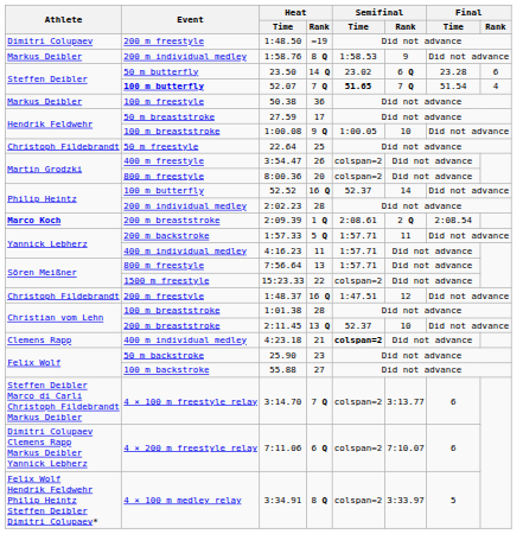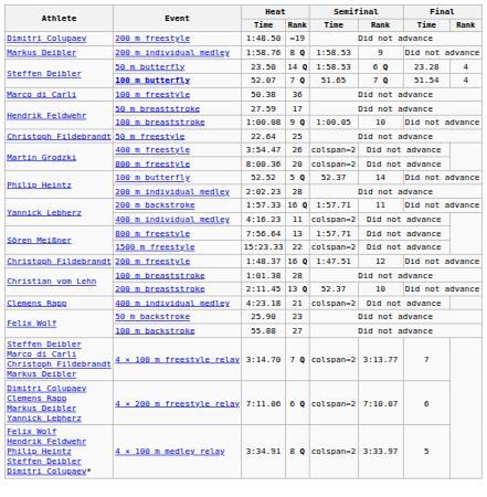 <table class=wikitable style="font-size:90%">
 <tr>
 <th rowspan=2>Athlete</th>
 <th rowspan=2>Event</th>
 <th colspan="2">Heat</th>
 <th colspan="2">Semifinal</th>
 <th colspan="2">Final</th>
 </tr>
 <tr style="font-size:95%">
 <th>Time</th>
 <th>Rank</th>
 <th>Time</th>
 <th>Rank</th>
 <th>Time</th>
 <th>Rank</th>
 </tr>
 <tr align=center>
 <td align=left><a href='#'>Dimitri Colupaev</a></td>
 <td align=left><a href='#'>200 m freestyle</a></td>
 <td>1:48.50</td>
 <td>=19</td>
 <td colspan=4>Did not advance</td>
 </tr>
 <tr align=center>
 <td align=left><a href='#'>Markus Deibler</a></td>
 <td align=left><a href='#'>200 m individual medley</a></td>
 <td>1:58.76</td>
 <td>8 <strong>Q</strong></td>
 <td>1:58.53</td>
 <td>9</td>
 <td colspan=2>Did not advance</td>
 </tr>
 <tr align=center>
 <td align=left rowspan=2><a href='#'>Steffen Deibler</a></td>
 <td align=left><a href='#'>50 m butterfly</a></td>
 <td>23.50</td>
 <td>14 <strong>Q</strong></td>
-<td>23.02</td>
+<td>1:58.53</td>
 <td>6 <strong>Q</strong></td>
 <td>23.28</td>
-<td>6</td>
+<td>4</td>
 </tr>
 <tr align=center>
 <td align=left><strong><a href='#'>100 m butterfly</a></strong></td>
 <td>52.07</td>
 <td>7 <strong>Q</strong></td>
-<td><strong>51.65</strong></td>
+<td>51.65</td>
 <td>7 <strong>Q</strong></td>
 <td>51.54</td>
 <td>4</td>
 </tr>
 <tr align=center>
-<td align=left><a href='#'>Markus Deibler</a></td>
+<td align=left><a href='#'>Marco di Carli</a></td>
 <td align=left><a href='#'>100 m freestyle</a></td>
 <td>50.38</td>
 <td>36</td>
 <td colspan=4>Did not advance</td>
 </tr>
 <tr align=center>
 <td align=left rowspan=2><a href='#'>Hendrik Feldwehr</a></td>
 <td align=left><a href='#'>50 m breaststroke</a></td>
 <td>27.59</td>
 <td>17</td>
 <td colspan=4>Did not advance</td>
 </tr>
 <tr align=center>
 <td align=left><a href='#'>100 m breaststroke</a></td>
 <td>1:00.08</td>
 <td>9 <strong>Q</strong></td>
 <td>1:00.05</td>
 <td>10</td>
 <td colspan=2>Did not advance</td>
 </tr>
 <tr align=center>
 <td align=left><a href='#'>Christoph Fildebrandt</a></td>
 <td align=left><a href='#'>50 m freestyle</a></td>
 <td>22.64</td>
 <td>25</td>
 <td colspan=4>Did not advance</td>
 </tr>
 <tr align=center>
 <td align=left rowspan=2><a href='#'>Martin Grodzki</a></td>
 <td align=left><a href='#'>400 m freestyle</a></td>
 <td>3:54.47</td>
 <td>26</td>
 <td>colspan=2 </td>
 <td colspan=2>Did not advance</td>
 </tr>
 <tr align=center>
 <td align=left><a href='#'>800 m freestyle</a></td>
 <td>8:00.36</td>
 <td>20</td>
 <td>colspan=2 </td>
 <td colspan=2>Did not advance</td>
 </tr>
 <tr align=center>
 <td align=left rowspan=2><a href='#'>Philip Heintz</a></td>
 <td align=left><a href='#'>100 m butterfly</a></td>
 <td>52.52</td>
-<td>16 <strong>Q</strong></td>
+<td>5 <strong>Q</strong></td>
 <td>52.37</td>
 <td>14</td>
 <td colspan=2>Did not advance</td>
 </tr>
 <tr align=center>
 <td align=left><a href='#'>200 m individual medley</a></td>
 <td>2:02.23</td>
 <td>28</td>
 <td colspan=4>Did not advance</td>
 </tr>
 <tr align=center>
-<td align=left><strong><a href='#'>Marco Koch</a></strong></td>
-<td align=left><a href='#'>200 m breaststroke</a></td>
-<td>2:09.39</td>
-<td>1 <strong>Q</strong></td>
-<td>2:08.61</td>
-<td>2 <strong>Q</strong></td>
-<td>2:08.54</td>
-<td></td>
-</tr>
-<tr align=center>
 <td align=left rowspan=2><a href='#'>Yannick Lebherz</a></td>
 <td align=left><a href='#'>200 m backstroke</a></td>
 <td>1:57.33</td>
-<td>5 <strong>Q</strong></td>
+<td>16 <strong>Q</strong></td>
 <td>1:57.71</td>
 <td>11</td>
 <td colspan=2>Did not advance</td>
 </tr>
 <tr align=center>
 <td align=left><a href='#'>400 m individual medley</a></td>
 <td>4:16.23</td>
 <td>11</td>
-<td>1:57.71</td>
+<td>colspan=2 </td>
 <td colspan=2>Did not advance</td>
 </tr>
 <tr align=center>
 <td align=left rowspan=2><a href='#'>Sören Meißner</a></td>
 <td align=left><a href='#'>800 m freestyle</a></td>
 <td>7:56.64</td>
 <td>13</td>
 <td>1:57.71</td>
 <td colspan=2>Did not advance</td>
 </tr>
 <tr align=center>
 <td align=left><a href='#'>1500 m freestyle</a></td>
 <td>15:23.33</td>
 <td>22</td>
 <td>colspan=2 </td>
 <td colspan=2>Did not advance</td>
 </tr>
 <tr align=center>
 <td align=left><a href='#'>Christoph Fildebrandt</a></td>
 <td align=left><a href='#'>200 m freestyle</a></td>
 <td>1:48.37</td>
 <td>16 <strong>Q</strong></td>
 <td>1:47.51</td>
 <td>12</td>
 <td colspan=2>Did not advance</td>
 </tr>
 <tr align=center>
 <td align=left rowspan=2><a href='#'>Christian vom Lehn</a></td>
 <td align=left><a href='#'>100 m breaststroke</a></td>
 <td>1:01.38</td>
 <td>28</td>
 <td colspan=4>Did not advance</td>
 </tr>
 <tr align=center>
 <td align=left><a href='#'>200 m breaststroke</a></td>
 <td>2:11.45</td>
 <td>13 <strong>Q</strong></td>
 <td>52.37</td>
 <td>10</td>
 <td colspan=2>Did not advance</td>
 </tr>
 <tr align=center>
 <td align=left><a href='#'>Clemens Rapp</a></td>
 <td align=left><a href='#'>400 m individual medley</a></td>
 <td>4:23.18</td>
 <td>21</td>
-<td><strong>colspan=2 </strong></td>
+<td>colspan=2 </td>
 <td colspan=2>Did not advance</td>
 </tr>
 <tr align=center>
 <td align=left rowspan=2><a href='#'>Felix Wolf</a></td>
 <td align=left><a href='#'>50 m backstroke</a></td>
 <td>25.90</td>
 <td>23</td>
 <td colspan=4>Did not advance</td>
 </tr>
 <tr align=center>
 <td align=left><a href='#'>100 m backstroke</a></td>
 <td>55.88</td>
 <td>27</td>
 <td colspan=4>Did not advance</td>
 </tr>
 <tr align=center>
 <td align=left><a href='#'>Steffen Deibler</a><br><a href='#'>Marco di Carli</a><br><a href='#'>Christoph Fildebrandt</a><br><a href='#'>Markus Deibler</a></td>
 <td align=left><a href='#'>4 × 100 m freestyle relay</a></td>
 <td>3:14.70</td>
 <td>7 <strong>Q</strong></td>
 <td>colspan=2 </td>
 <td>3:13.77</td>
-<td>6</td>
+<td>7</td>
 </tr>
 <tr align=center>
 <td align=left><a href='#'>Dimitri Colupaev</a><br><a href='#'>Clemens Rapp</a><br><a href='#'>Markus Deibler</a><br><a href='#'>Yannick Lebherz</a></td>
 <td align=left><a href='#'>4 × 200 m freestyle relay</a></td>
 <td>7:11.06</td>
 <td>6 <strong>Q</strong></td>
 <td>colspan=2 </td>
 <td>7:10.07</td>
 <td>6</td>
 </tr>
 <tr align=center>
 <td align=left><a href='#'>Felix Wolf</a><br><a href='#'>Hendrik Feldwehr</a><br><a href='#'>Philip Heintz</a><br><a href='#'>Steffen Deibler</a><br><a href='#'>Dimitri Colupaev</a>*</td>
 <td align=left><a href='#'>4 × 100 m medley relay</a></td>
 <td>3:34.91</td>
 <td>8 <strong>Q</strong></td>
 <td>colspan=2 </td>
 <td>3:33.97</td>
 <td>5</td>
 </tr>
 </table>
